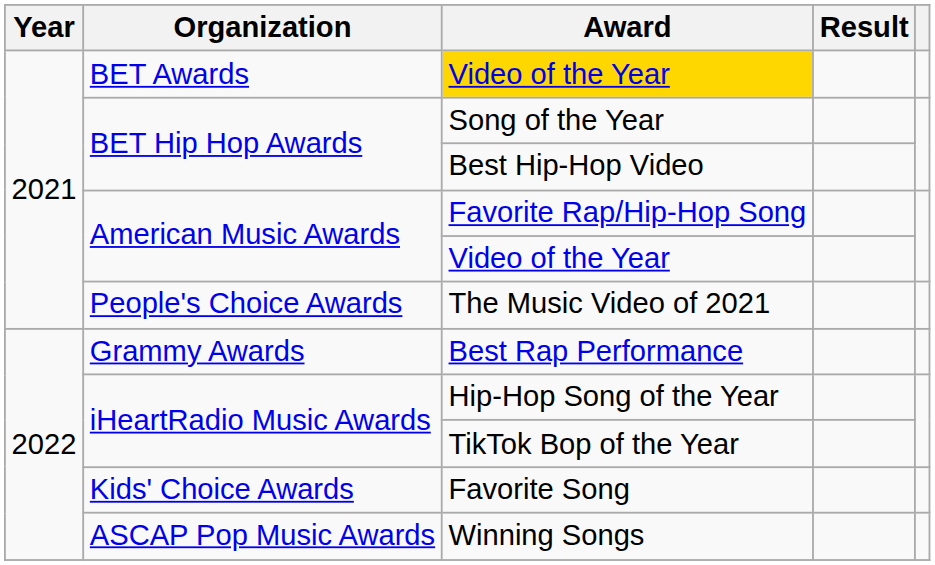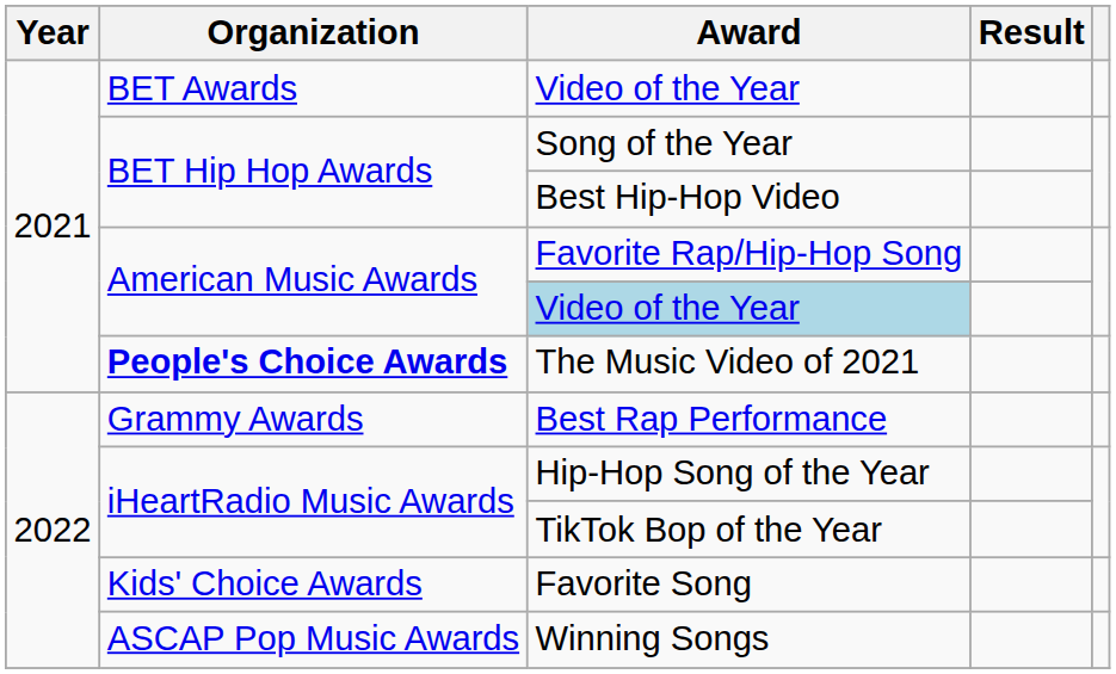 <table class="wikitable plainrowheaders">
 <tr>
 <th>Year</th>
 <th>Organization</th>
 <th>Award</th>
 <th>Result</th>
 <th></th>
 </tr>
 <tr>
 <td rowspan=6>2021</td>
 <td><a href='#'>BET Awards</a></td>
-<td style="background: gold;"><a href='#'>Video of the Year</a></td>
+<td><a href='#'>Video of the Year</a></td>
 <td></td>
 <td></td>
 </tr>
 <tr>
 <td rowspan=2><a href='#'>BET Hip Hop Awards</a></td>
 <td>Song of the Year</td>
 <td></td>
 <td rowspan=2></td>
 </tr>
 <tr>
 <td>Best Hip-Hop Video</td>
 <td></td>
 </tr>
 <tr>
 <td rowspan=2><a href='#'>American Music Awards</a></td>
 <td><a href='#'>Favorite Rap/Hip-Hop Song</a></td>
 <td></td>
 <td rowspan=2></td>
 </tr>
 <tr>
-<td><a href='#'>Video of the Year</a></td>
+<td style="background: lightblue;"><a href='#'>Video of the Year</a></td>
 <td></td>
 </tr>
 <tr>
-<td><a href='#'>People's Choice Awards</a></td>
+<td><strong><a href='#'>People's Choice Awards</a></strong></td>
 <td>The Music Video of 2021</td>
 <td></td>
 <td></td>
 </tr>
 <tr>
 <td rowspan=5>2022</td>
 <td><a href='#'>Grammy Awards</a></td>
 <td><a href='#'>Best Rap Performance</a></td>
 <td></td>
 <td></td>
 </tr>
 <tr>
 <td rowspan=2><a href='#'>iHeartRadio Music Awards</a></td>
 <td>Hip-Hop Song of the Year</td>
 <td></td>
 <td rowspan=2></td>
 </tr>
 <tr>
 <td>TikTok Bop of the Year</td>
 <td></td>
 </tr>
 <tr>
 <td><a href='#'>Kids' Choice Awards</a></td>
 <td>Favorite Song</td>
 <td></td>
 <td></td>
 </tr>
 <tr>
 <td><a href='#'>ASCAP Pop Music Awards</a></td>
 <td>Winning Songs</td>
 <td></td>
 <td></td>
 </tr>
 </table>
